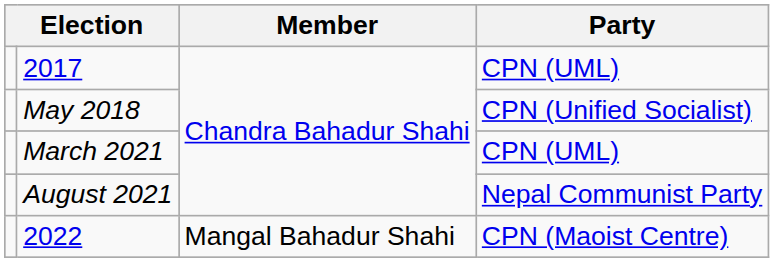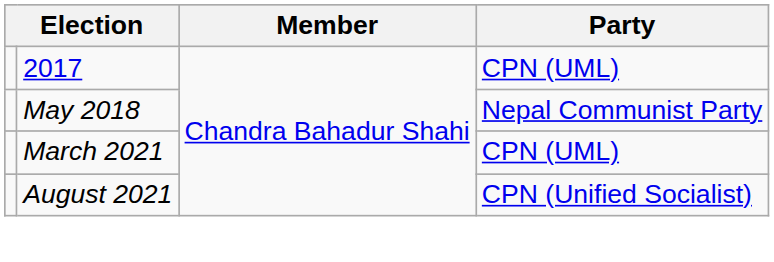 <table class="wikitable">
 <tr>
 <th colspan="2">Election</th>
 <th>Member</th>
 <th>Party</th>
 </tr>
 <tr>
 <td style="color:inherit;background:"></td>
 <td><a href='#'>2017</a></td>
 <td rowspan="4"><a href='#'>Chandra Bahadur Shahi</a></td>
 <td><a href='#'>CPN (UML)</a></td>
 </tr>
 <tr>
 <td style="color:inherit;background:"></td>
 <td><em>May 2018</em></td>
-<td><a href='#'>CPN (Unified Socialist)</a></td>
+<td><a href='#'>Nepal Communist Party</a></td>
 </tr>
 <tr>
 <td style="color:inherit;background:"></td>
 <td><em>March 2021</em></td>
 <td><a href='#'>CPN (UML)</a></td>
 </tr>
 <tr>
 <td style="color:inherit;background:"></td>
 <td><em>August 2021</em></td>
-<td><a href='#'>Nepal Communist Party</a></td>
-</tr>
-<tr>
-<td style="color:inherit;background:"></td>
-<td><a href='#'>2022</a></td>
-<td>Mangal Bahadur Shahi</td>
-<td><a href='#'>CPN (Maoist Centre)</a></td>
+<td><a href='#'>CPN (Unified Socialist)</a></td>
 </tr>
 </table>
